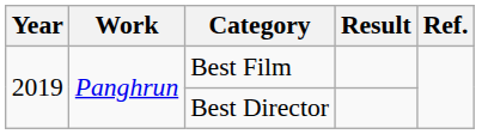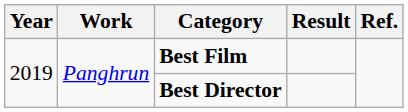 <table class="wikitable">
 <tr>
 <th>Year</th>
 <th>Work</th>
 <th>Category</th>
 <th>Result</th>
 <th>Ref.</th>
 </tr>
 <tr>
 <td rowspan="2">2019</td>
 <td rowspan="2"><em><a href='#'>Panghrun</a></em></td>
-<td>Best Film</td>
+<td><strong>Best Film</strong></td>
 <td></td>
 <td rowspan="2"></td>
 </tr>
 <tr>
-<td>Best Director</td>
+<td><strong>Best Director</strong></td>
 <td></td>
 </tr>
 </table>
